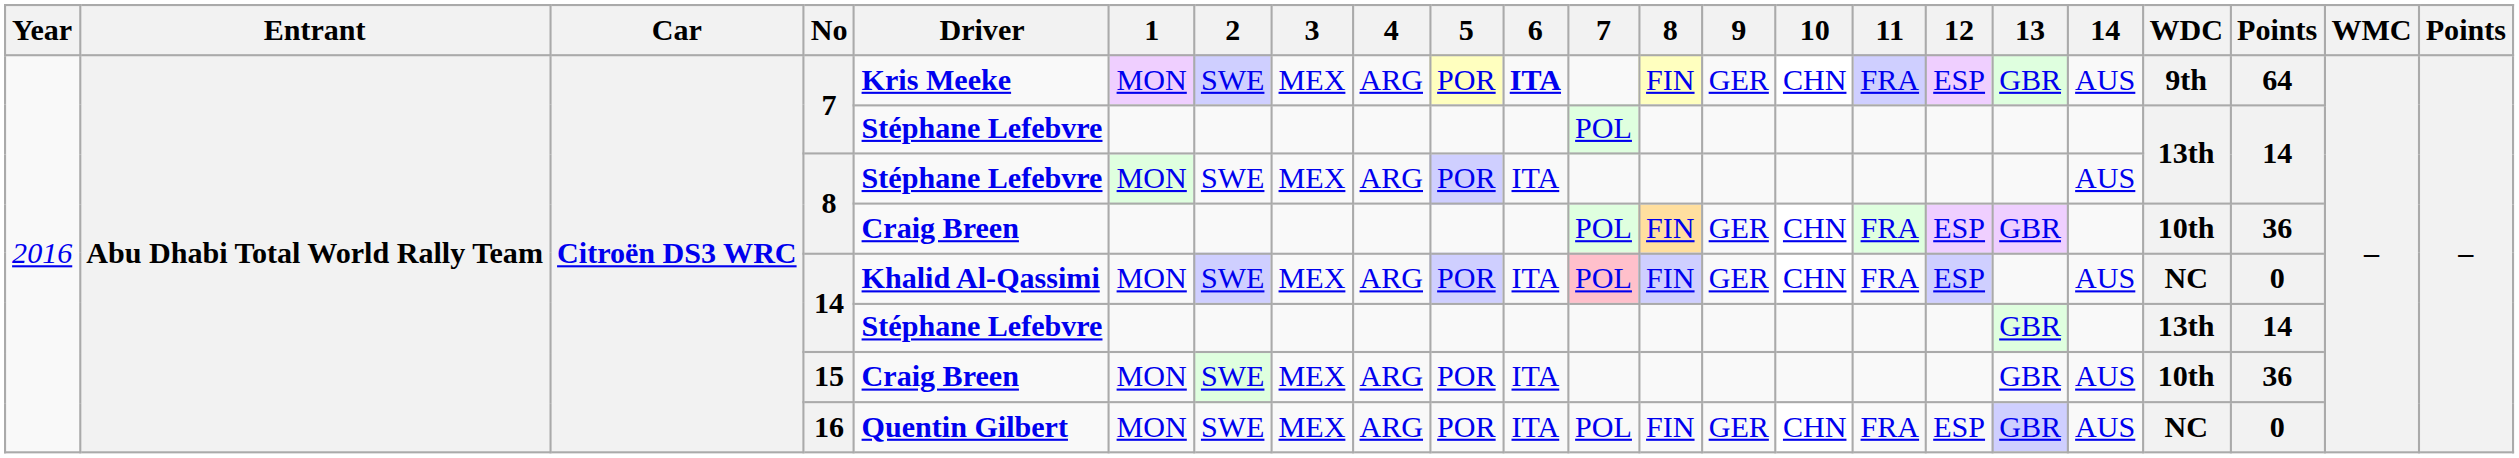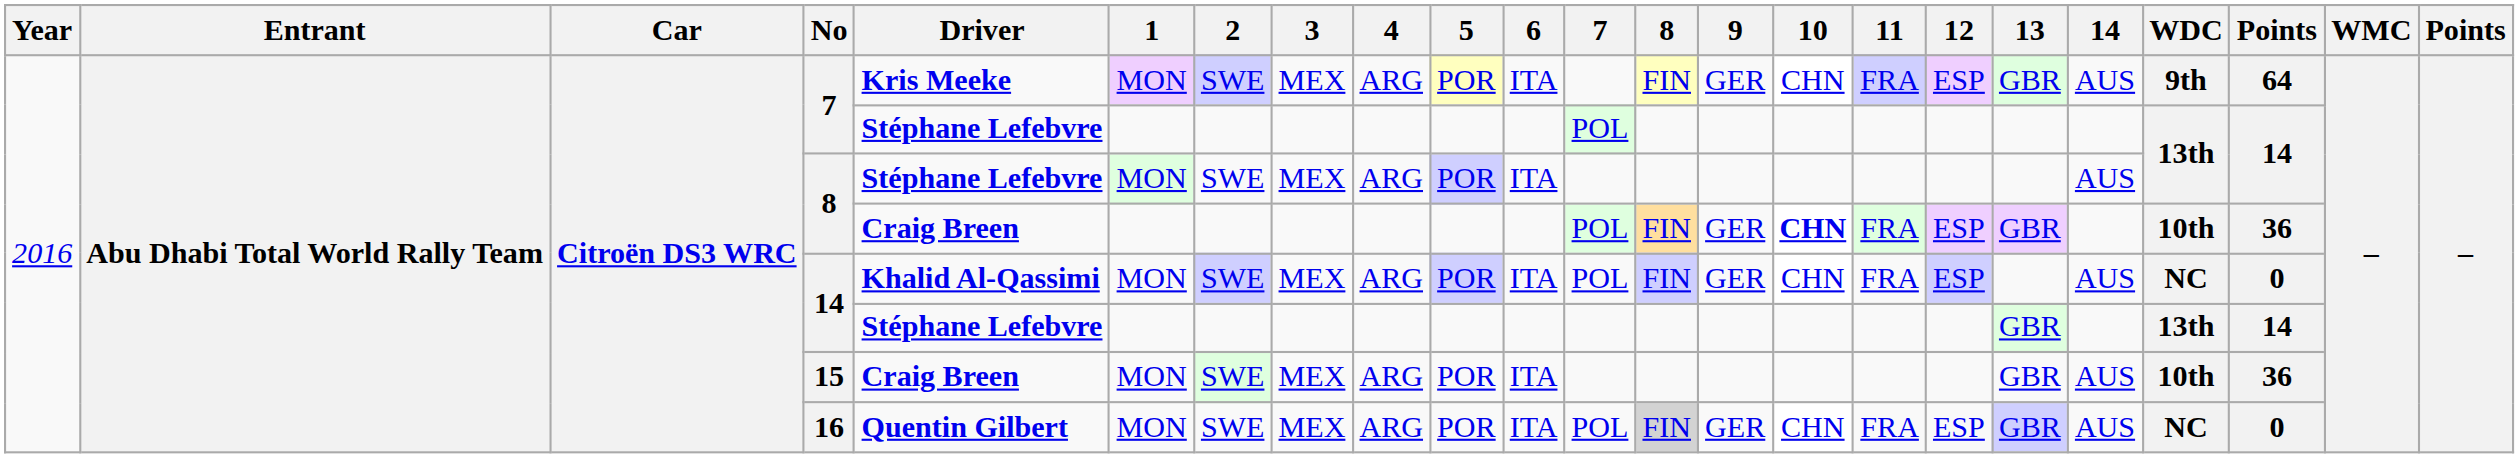 <table class="wikitable" style="text-align:center; font-size:90%">
 <tr>
 <th>Year</th>
 <th>Entrant</th>
 <th>Car</th>
 <th>No</th>
 <th>Driver</th>
 <th>1</th>
 <th>2</th>
 <th>3</th>
 <th>4</th>
 <th>5</th>
 <th>6</th>
 <th>7</th>
 <th>8</th>
 <th>9</th>
 <th>10</th>
 <th>11</th>
 <th>12</th>
 <th>13</th>
 <th>14</th>
 <th>WDC</th>
 <th>Points</th>
 <th>WMC</th>
 <th>Points</th>
 </tr>
 <tr>
 <td rowspan="8"><a href='#'><em>2016</em></a></td>
 <th rowspan=8>Abu Dhabi Total World Rally Team</th>
 <th rowspan=8><a href='#'>Citroën DS3 WRC</a></th>
 <th rowspan=2>7</th>
 <td align=left><strong><a href='#'>Kris Meeke</a></strong></td>
 <td style="background:#efcfff;"><a href='#'>MON</a><br></td>
 <td style="background:#cfcfff;"><a href='#'>SWE</a><br></td>
 <td><a href='#'>MEX</a></td>
 <td><a href='#'>ARG</a></td>
 <td style="background:#ffffbf;"><a href='#'>POR</a><br></td>
-<td><strong><a href='#'>ITA</a></strong></td>
+<td><a href='#'>ITA</a></td>
 <td></td>
 <td style="background:#ffffbf;"><a href='#'>FIN</a><br></td>
 <td><a href='#'>GER</a></td>
 <td style="background:white;"><a href='#'>CHN</a><br></td>
 <td style="background:#cfcfff;"><a href='#'>FRA</a><br></td>
 <td style="background:#efcfff;"><a href='#'>ESP</a><br></td>
 <td style="background:#dfffdf;"><a href='#'>GBR</a><br></td>
 <td><a href='#'>AUS</a></td>
 <th>9th</th>
 <th>64</th>
 <th rowspan=8>–</th>
 <th rowspan=8>–</th>
 </tr>
 <tr>
 <td align=left><strong><a href='#'>Stéphane Lefebvre</a></strong></td>
 <td></td>
 <td></td>
 <td></td>
 <td></td>
 <td></td>
 <td></td>
 <td style="background:#dfffdf;"><a href='#'>POL</a><br></td>
 <td></td>
 <td></td>
 <td></td>
 <td></td>
 <td></td>
 <td></td>
 <td></td>
 <th rowspan=2>13th</th>
 <th rowspan=2>14</th>
 </tr>
 <tr>
 <th rowspan=2>8</th>
 <td align=left><strong><a href='#'>Stéphane Lefebvre</a></strong></td>
 <td style="background:#dfffdf;"><a href='#'>MON</a><br></td>
 <td><a href='#'>SWE</a></td>
 <td><a href='#'>MEX</a></td>
 <td><a href='#'>ARG</a></td>
 <td style="background:#cfcfff;"><a href='#'>POR</a><br></td>
 <td><a href='#'>ITA</a></td>
 <td></td>
 <td></td>
 <td></td>
 <td></td>
 <td></td>
 <td></td>
 <td></td>
 <td><a href='#'>AUS</a></td>
 </tr>
 <tr>
 <td align=left><strong><a href='#'>Craig Breen</a></strong></td>
 <td></td>
 <td></td>
 <td></td>
 <td></td>
 <td></td>
 <td></td>
 <td style="background:#dfffdf;"><a href='#'>POL</a><br></td>
 <td style="background:#ffdf9f;"><a href='#'>FIN</a><br></td>
 <td><a href='#'>GER</a></td>
-<td style="background:white;"><a href='#'>CHN</a><br></td>
+<td style="background:white;"><strong><a href='#'>CHN</a><br></strong></td>
 <td style="background:#dfffdf;"><a href='#'>FRA</a><br></td>
 <td style="background:#efcfff;"><a href='#'>ESP</a><br></td>
 <td style="background:#efcfff;"><a href='#'>GBR</a><br></td>
 <td></td>
 <th>10th</th>
 <th>36</th>
 </tr>
 <tr>
 <th rowspan=2>14</th>
 <td align=left><strong><a href='#'>Khalid Al-Qassimi</a></strong></td>
 <td><a href='#'>MON</a></td>
 <td style="background:#cfcfff;"><a href='#'>SWE</a><br></td>
 <td><a href='#'>MEX</a></td>
 <td><a href='#'>ARG</a></td>
 <td style="background:#cfcfff;"><a href='#'>POR</a><br></td>
 <td><a href='#'>ITA</a></td>
-<td style="background: pink;"><a href='#'>POL</a></td>
+<td><a href='#'>POL</a></td>
 <td style="background:#cfcfff;"><a href='#'>FIN</a><br></td>
 <td><a href='#'>GER</a></td>
 <td style="background:white;"><a href='#'>CHN</a><br></td>
 <td><a href='#'>FRA</a></td>
 <td style="background:#cfcfff;"><a href='#'>ESP</a><br></td>
 <td></td>
 <td><a href='#'>AUS</a></td>
 <th>NC</th>
 <th>0</th>
 </tr>
 <tr>
 <td align=left><strong><a href='#'>Stéphane Lefebvre</a></strong></td>
 <td></td>
 <td></td>
 <td></td>
 <td></td>
 <td></td>
 <td></td>
 <td></td>
 <td></td>
 <td></td>
 <td></td>
 <td></td>
 <td></td>
 <td style="background:#dfffdf;"><a href='#'>GBR</a><br></td>
 <td></td>
 <th>13th</th>
 <th>14</th>
 </tr>
 <tr>
 <th>15</th>
 <td align=left><strong><a href='#'>Craig Breen</a></strong></td>
 <td><a href='#'>MON</a></td>
 <td style="background:#dfffdf;"><a href='#'>SWE</a><br></td>
 <td><a href='#'>MEX</a></td>
 <td><a href='#'>ARG</a></td>
 <td><a href='#'>POR</a></td>
 <td><a href='#'>ITA</a></td>
 <td></td>
 <td></td>
 <td></td>
 <td></td>
 <td></td>
 <td></td>
 <td><a href='#'>GBR</a></td>
 <td><a href='#'>AUS</a></td>
 <th>10th</th>
 <th>36</th>
 </tr>
 <tr>
 <th>16</th>
 <td align=left><strong><a href='#'>Quentin Gilbert</a></strong></td>
 <td><a href='#'>MON</a></td>
 <td><a href='#'>SWE</a></td>
 <td><a href='#'>MEX</a></td>
 <td><a href='#'>ARG</a></td>
 <td><a href='#'>POR</a></td>
 <td><a href='#'>ITA</a></td>
 <td><a href='#'>POL</a></td>
-<td><a href='#'>FIN</a></td>
+<td style="background: lightgrey;"><a href='#'>FIN</a></td>
 <td><a href='#'>GER</a></td>
 <td style="background:white;"><a href='#'>CHN</a><br></td>
 <td><a href='#'>FRA</a></td>
 <td><a href='#'>ESP</a></td>
 <td style="background:#cfcfff;"><a href='#'>GBR</a><br></td>
 <td><a href='#'>AUS</a></td>
 <th>NC</th>
 <th>0</th>
 </tr>
 </table>
